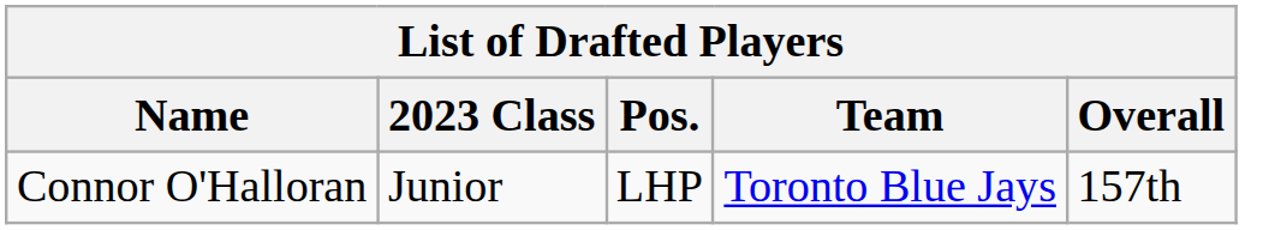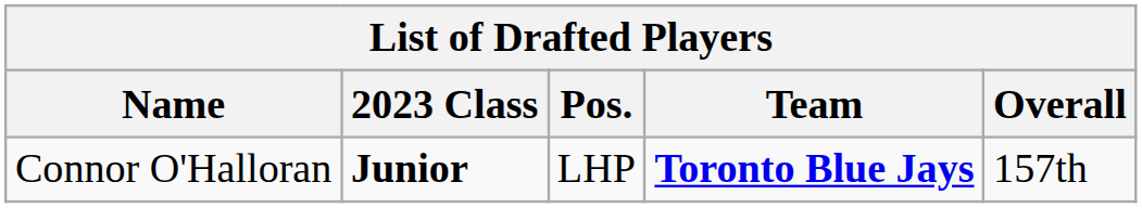 <table class="wikitable">
 <tr>
 <th colspan="6">List of Drafted Players</th>
 </tr>
 <tr>
 <th>Name</th>
 <th>2023 Class</th>
 <th>Pos.</th>
 <th>Team</th>
 <th>Overall</th>
 </tr>
 <tr>
 <td>Connor O'Halloran</td>
-<td>Junior</td>
+<td><strong>Junior</strong></td>
 <td>LHP</td>
-<td><a href='#'>Toronto Blue Jays</a></td>
+<td><strong><a href='#'>Toronto Blue Jays</a></strong></td>
 <td>157th</td>
 </tr>
 </table>
